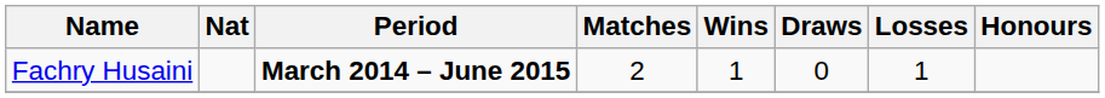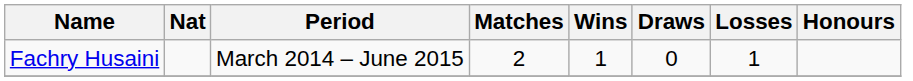 <table class="wikitable">
 <tr>
 <th>Name</th>
 <th>Nat</th>
 <th>Period</th>
 <th>Matches</th>
 <th>Wins</th>
 <th>Draws</th>
 <th>Losses</th>
 <th>Honours</th>
 </tr>
 <tr>
 <td><a href='#'>Fachry Husaini</a></td>
 <td align="center"></td>
-<td align="center"><strong>March 2014 – June 2015</strong></td>
+<td align="center">March 2014 – June 2015</td>
 <td align="center">2</td>
 <td align="center">1</td>
 <td align="center">0</td>
 <td align="center">1</td>
 <td></td>
 </tr>
 <tr>
 </tr>
 </table>
